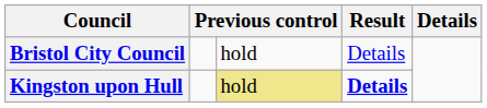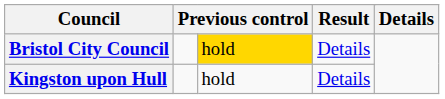 <table class="wikitable sortable" border="1">
 <tr>
 <th scope="col">Council</th>
 <th colspan=2>Previous control</th>
 <th colspan=2>Result</th>
 <th class="unsortable" scope="col">Details</th>
 </tr>
 <tr>
 <th scope="row" style="text-align: left;"><a href='#'>Bristol City Council</a></th>
 <td></td>
-<td> hold</td>
+<td style="background: gold;"> hold</td>
 <td><a href='#'>Details</a></td>
 </tr>
 <tr>
 <th scope="row" style="text-align: left;"><a href='#'>Kingston upon Hull</a></th>
 <td></td>
-<td style="background: khaki;"> hold</td>
-<td><strong><a href='#'>Details</a></strong></td>
+<td> hold</td>
+<td><a href='#'>Details</a></td>
 </tr>
 </table>
